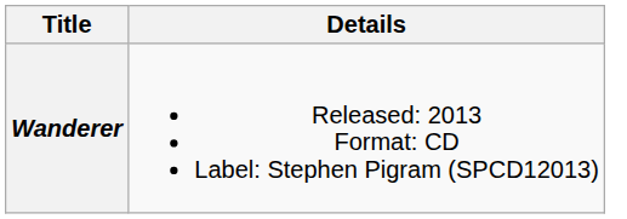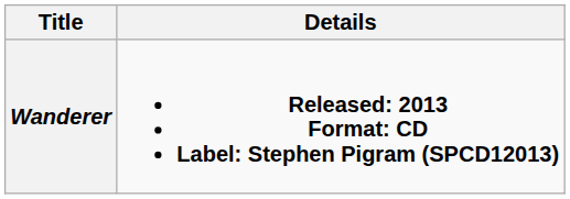 <table class="wikitable plainrowheaders" style="text-align:center;" border="1">
 <tr>
 <th>Title</th>
 <th>Details</th>
 </tr>
 <tr>
 <th scope="row"><em>Wanderer</em></th>
-<td><br><ul><li>Released: 2013</li><li>Format: CD</li><li>Label: Stephen Pigram (SPCD12013)</li></ul></td>
+<td><strong><br><ul><li>Released: 2013</li><li>Format: CD</li><li>Label: Stephen Pigram (SPCD12013)</li></ul></strong></td>
 </tr>
 </table>
